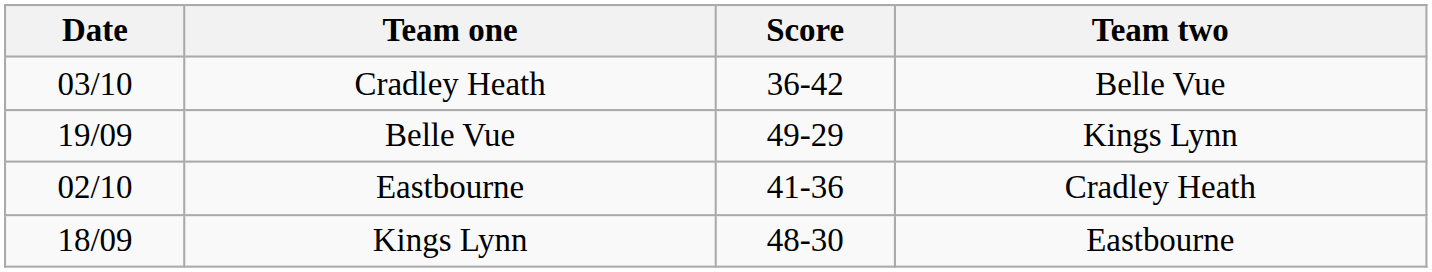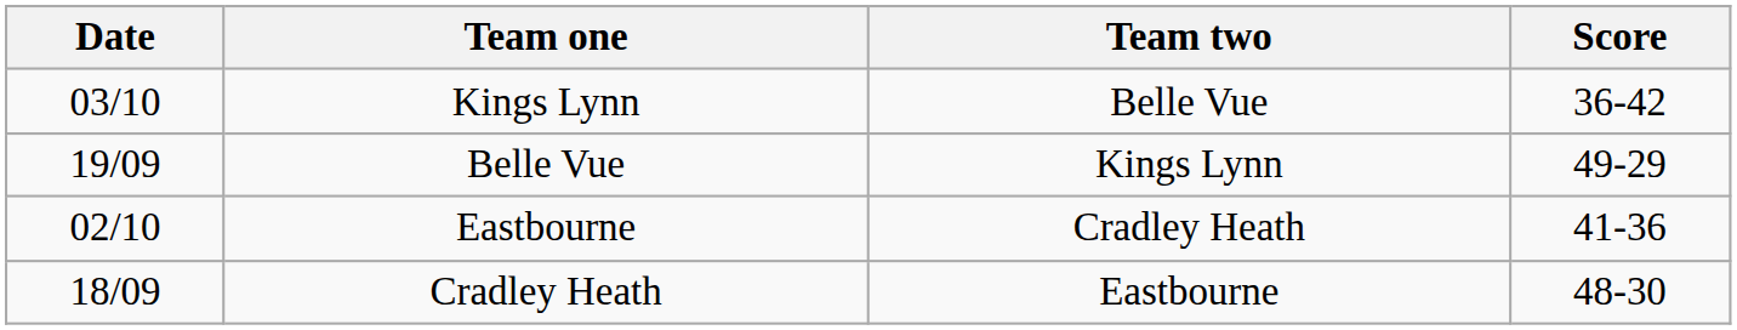 <table class="wikitable" style="text-align: center">
 <tr>
 <th width=80>Date</th>
 <th width=250>Team one</th>
+<th width=250>Team two</th>
 <th width=80>Score</th>
-<th width=250>Team two</th>
 </tr>
 <tr>
 <td>03/10</td>
-<td>Cradley Heath</td>
+<td>Kings Lynn</td>
+<td>Belle Vue</td>
 <td>36-42</td>
-<td>Belle Vue</td>
 </tr>
 <tr>
 <td>19/09</td>
 <td>Belle Vue</td>
+<td>Kings Lynn</td>
 <td>49-29</td>
-<td>Kings Lynn</td>
 </tr>
 <tr>
 <td>02/10</td>
 <td>Eastbourne</td>
+<td>Cradley Heath</td>
 <td>41-36</td>
-<td>Cradley Heath</td>
 </tr>
 <tr>
 <td>18/09</td>
-<td>Kings Lynn</td>
+<td>Cradley Heath</td>
+<td>Eastbourne</td>
 <td>48-30</td>
-<td>Eastbourne</td>
 </tr>
 </table>
